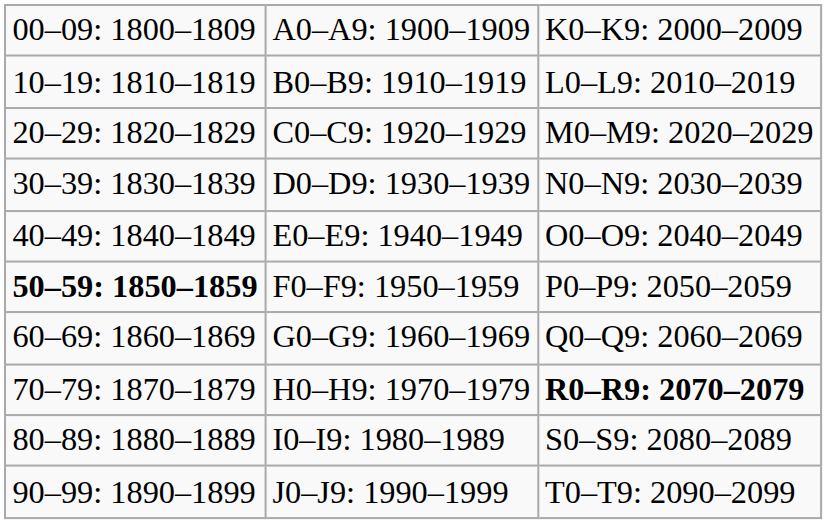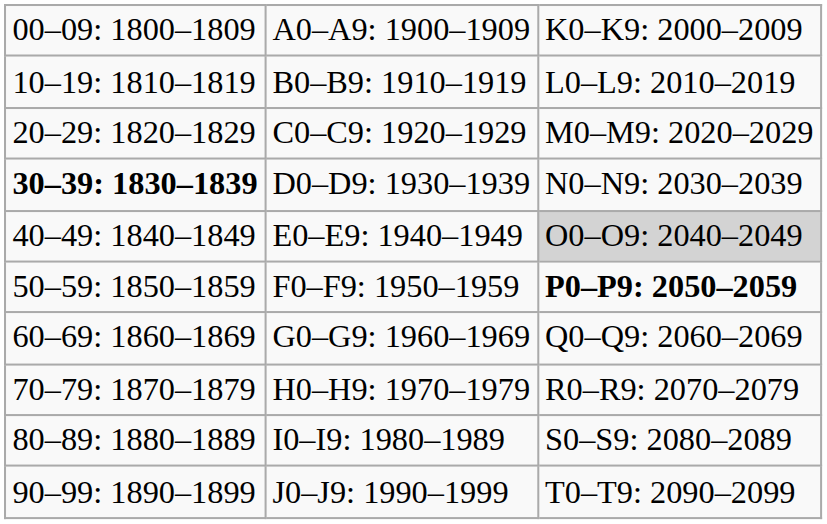 <table class="wikitable">
 <tr>
 <td>00–09: 1800–1809</td>
 <td>A0–A9: 1900–1909</td>
 <td>K0–K9: 2000–2009</td>
 </tr>
 <tr>
 <td>10–19: 1810–1819</td>
 <td>B0–B9: 1910–1919</td>
 <td>L0–L9: 2010–2019</td>
 </tr>
 <tr>
 <td>20–29: 1820–1829</td>
 <td>C0–C9: 1920–1929</td>
 <td>M0–M9: 2020–2029</td>
 </tr>
 <tr>
-<td>30–39: 1830–1839</td>
+<td><strong>30–39: 1830–1839</strong></td>
 <td>D0–D9: 1930–1939</td>
 <td>N0–N9: 2030–2039</td>
 </tr>
 <tr>
 <td>40–49: 1840–1849</td>
 <td>E0–E9: 1940–1949</td>
-<td>O0–O9: 2040–2049</td>
+<td style="background: lightgrey;">O0–O9: 2040–2049</td>
 </tr>
 <tr>
-<td><strong>50–59: 1850–1859</strong></td>
+<td>50–59: 1850–1859</td>
 <td>F0–F9: 1950–1959</td>
-<td>P0–P9: 2050–2059</td>
+<td><strong>P0–P9: 2050–2059</strong></td>
 </tr>
 <tr>
 <td>60–69: 1860–1869</td>
 <td>G0–G9: 1960–1969</td>
 <td>Q0–Q9: 2060–2069</td>
 </tr>
 <tr>
 <td>70–79: 1870–1879</td>
 <td>H0–H9: 1970–1979</td>
-<td><strong>R0–R9: 2070–2079</strong></td>
+<td>R0–R9: 2070–2079</td>
 </tr>
 <tr>
 <td>80–89: 1880–1889</td>
 <td>I0–I9: 1980–1989</td>
 <td>S0–S9: 2080–2089</td>
 </tr>
 <tr>
 <td>90–99: 1890–1899</td>
 <td>J0–J9: 1990–1999</td>
 <td>T0–T9: 2090–2099</td>
 </tr>
 </table>
